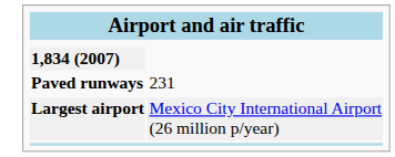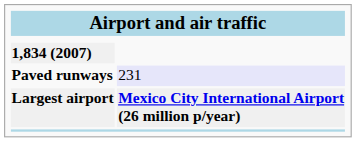 <table class="infobox" style="toc: 25em; font-size: 85%; lucida grande, sans-serif; text-align: left;">
 <tr>
 <th colspan="2" align="center" bgcolor="lightblue"><big>Airport and air traffic</big></th>
 </tr>
 <tr>
 <td colspan="2" style="text-align:center;"></td>
 </tr>
 <tr>
 <td style="background:#f0f0f0;" valign="top"><strong>1,834 (2007)</strong></td>
 <td></td>
 </tr>
 <tr>
 <th align="left" valign="top">Paved runways</th>
-<td valign="top">231</td>
+<td valign="top" style="background: lavender;">231</td>
 </tr>
 <tr>
 <th style="background:#f0f0f0;" align="left" valign="top">Largest airport</th>
-<td style="background:#f0f0f0;" valign="top"><a href='#'>Mexico City International Airport</a> <br>(26 million p/year)</td>
+<td style="background:#f0f0f0;" valign="top"><strong><a href='#'>Mexico City International Airport</a> <br>(26 million p/year)</strong></td>
 </tr>
 <tr>
 <td colspan="2" align="center" bgcolor="lightblue"></td>
 </tr>
 </table>
